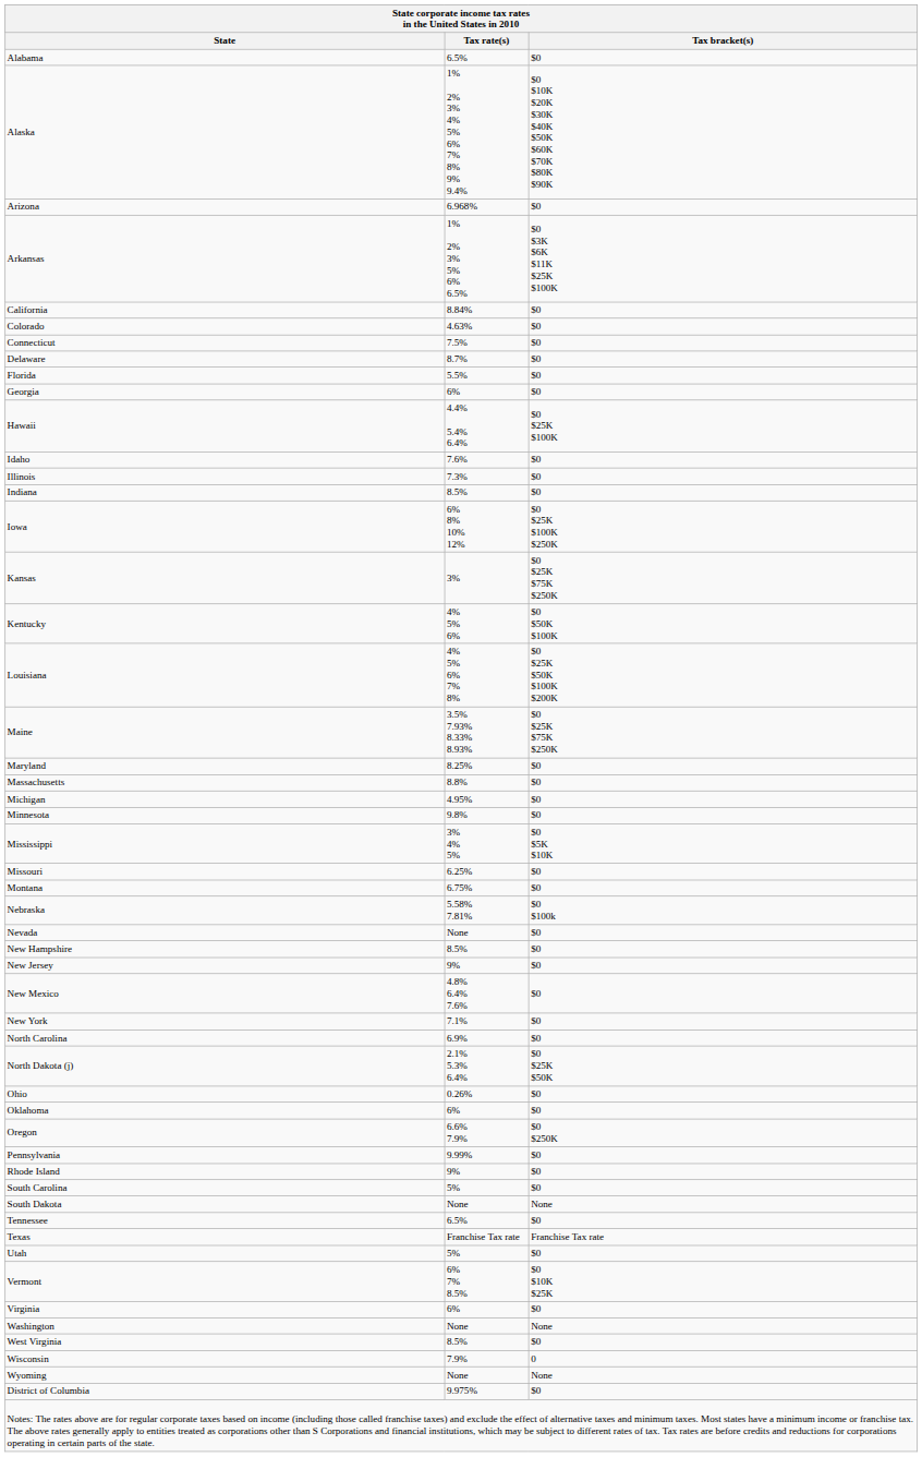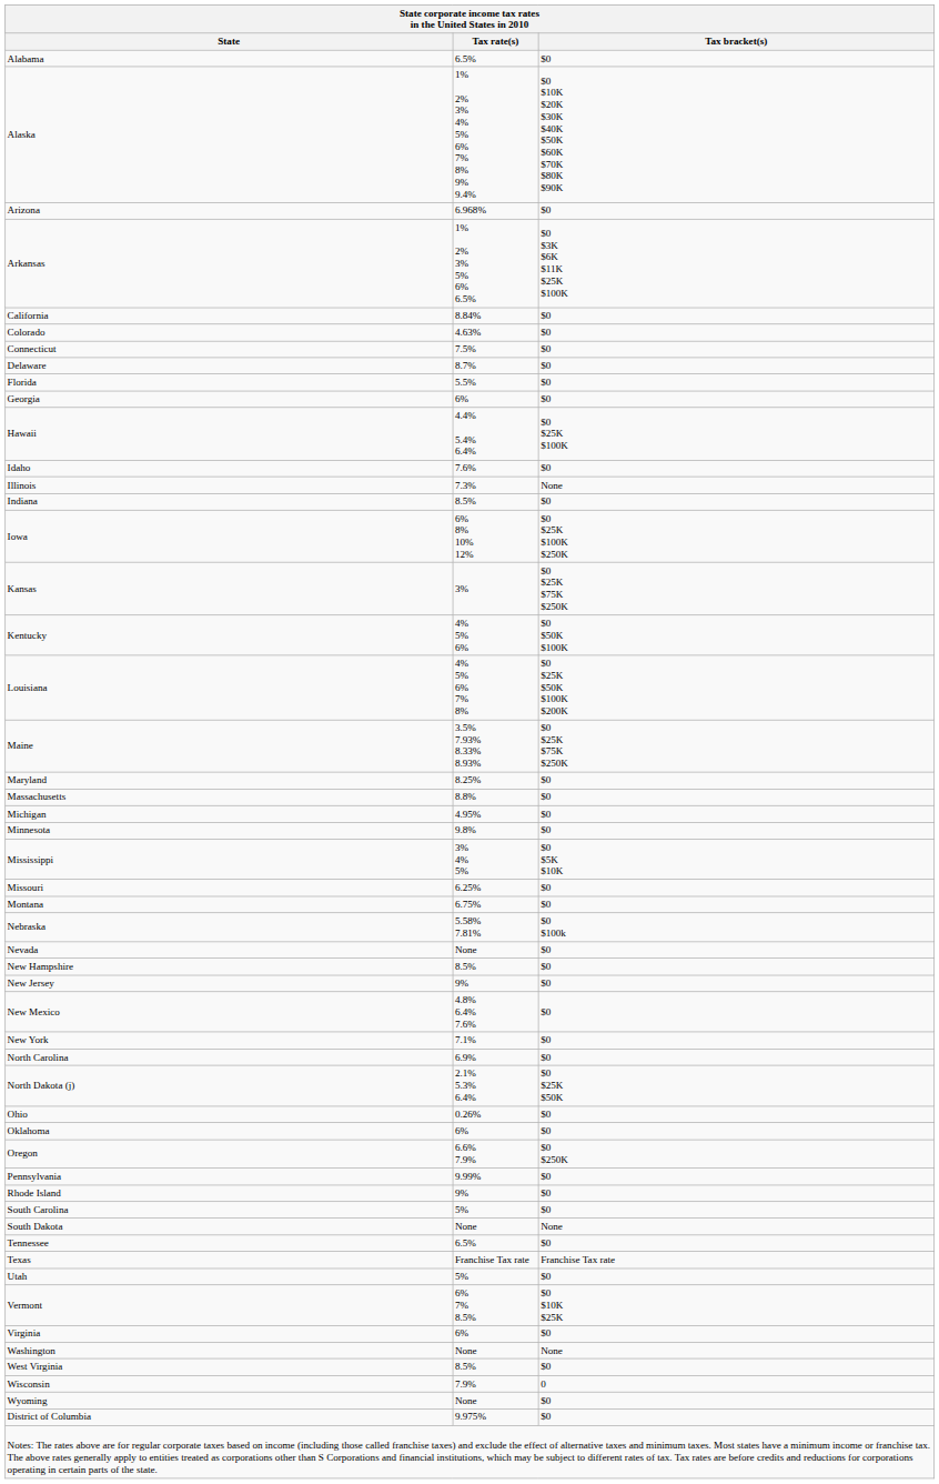 <table class="wikitable sortable collapsible collapsed" align="right" style="margin:0 0 1em 1em; font-size: 85%; width:auto">
 <tr style="background:#CCC;">
 <th colspan=3>State corporate income tax rates <br> in the United States in 2010</th>
 </tr>
 <tr>
 <th>State</th>
 <th style="width:8em">Tax rate(s)</th>
 <th>Tax bracket(s)</th>
 </tr>
 <tr>
 <td>Alabama</td>
 <td>6.5%</td>
 <td>$0</td>
 </tr>
 <tr>
 <td>Alaska</td>
 <td>1%<br><br>2%<br> 3%<br> 4%<br> 5%<br> 6%<br> 7%<br> 8%<br> 9%<br> 9.4%</td>
 <td>$0<br>$10K<br> $20K<br> $30K<br> $40K<br> $50K<br> $60K<br> $70K<br> $80K<br> $90K</td>
 </tr>
 <tr>
 <td>Arizona</td>
 <td>6.968%</td>
 <td>$0</td>
 </tr>
 <tr>
 <td>Arkansas</td>
 <td>1%<br><br>2%<br> 3%<br> 5%<br> 6%<br> 6.5%</td>
 <td>$0<br>$3K<br> $6K<br> $11K<br> $25K<br> $100K</td>
 </tr>
 <tr>
 <td>California</td>
 <td>8.84%</td>
 <td>$0</td>
 </tr>
 <tr>
 <td>Colorado</td>
 <td>4.63%</td>
 <td>$0</td>
 </tr>
 <tr>
 <td>Connecticut</td>
 <td>7.5%</td>
 <td>$0</td>
 </tr>
 <tr>
 <td>Delaware</td>
 <td>8.7%</td>
 <td>$0</td>
 </tr>
 <tr>
 <td>Florida</td>
 <td>5.5%</td>
 <td>$0</td>
 </tr>
 <tr>
 <td>Georgia</td>
 <td>6%</td>
 <td>$0</td>
 </tr>
 <tr>
 <td>Hawaii</td>
 <td>4.4%<br><br>5.4%<br> 6.4%</td>
 <td>$0<br>$25K<br> $100K</td>
 </tr>
 <tr>
 <td>Idaho</td>
 <td>7.6%</td>
 <td>$0</td>
 </tr>
 <tr>
 <td>Illinois</td>
 <td>7.3%</td>
-<td>$0</td>
+<td>None</td>
 </tr>
 <tr>
 <td>Indiana</td>
 <td>8.5%</td>
 <td>$0</td>
 </tr>
 <tr>
 <td>Iowa</td>
 <td>6%<br>8%<br>10%<br>12%</td>
 <td>$0<br>$25K<br> $100K<br> $250K</td>
 </tr>
 <tr>
 <td>Kansas</td>
 <td>3%</td>
 <td>$0<br>$25K<br> $75K<br> $250K</td>
 </tr>
 <tr>
 <td>Kentucky</td>
 <td>4%<br>5%<br>6%</td>
 <td>$0<br>$50K<br> $100K</td>
 </tr>
 <tr>
 <td>Louisiana</td>
 <td>4%<br>5%<br>6%<br>7%<br>8%</td>
 <td>$0<br>$25K<br> $50K<br> $100K<br> $200K</td>
 </tr>
 <tr>
 <td>Maine</td>
 <td>3.5%<br>7.93%<br>8.33%<br>8.93%</td>
 <td>$0<br>$25K<br> $75K<br> $250K</td>
 </tr>
 <tr>
 <td>Maryland</td>
 <td>8.25%</td>
 <td>$0</td>
 </tr>
 <tr>
 <td>Massachusetts</td>
 <td>8.8%</td>
 <td>$0</td>
 </tr>
 <tr>
 <td>Michigan</td>
 <td>4.95%</td>
 <td>$0</td>
 </tr>
 <tr>
 <td>Minnesota</td>
 <td>9.8%</td>
 <td>$0</td>
 </tr>
 <tr>
 <td>Mississippi</td>
 <td>3%<br>4%<br>5%</td>
 <td>$0<br>$5K<br> $10K</td>
 </tr>
 <tr>
 <td>Missouri</td>
 <td>6.25%</td>
 <td>$0</td>
 </tr>
 <tr>
 <td>Montana</td>
 <td>6.75%</td>
 <td>$0</td>
 </tr>
 <tr>
 <td>Nebraska</td>
 <td>5.58%<br>7.81%</td>
 <td>$0<br>$100k</td>
 </tr>
 <tr>
 <td>Nevada</td>
 <td>None</td>
 <td>$0</td>
 </tr>
 <tr>
 <td>New Hampshire</td>
 <td>8.5%</td>
 <td>$0</td>
 </tr>
 <tr>
 <td>New Jersey</td>
 <td>9%</td>
 <td>$0</td>
 </tr>
 <tr>
 <td>New Mexico</td>
 <td>4.8%<br>6.4%<br>7.6%</td>
 <td>$0</td>
 </tr>
 <tr>
 <td>New York</td>
 <td>7.1%</td>
 <td>$0</td>
 </tr>
 <tr>
 <td>North Carolina</td>
 <td>6.9%</td>
 <td>$0</td>
 </tr>
 <tr>
 <td>North Dakota (j)</td>
 <td>2.1%<br>5.3%<br>6.4%</td>
 <td>$0<br>$25K<br> $50K</td>
 </tr>
 <tr>
 <td>Ohio</td>
 <td>0.26%</td>
 <td>$0</td>
 </tr>
 <tr>
 <td>Oklahoma</td>
 <td>6%</td>
 <td>$0</td>
 </tr>
 <tr>
 <td>Oregon</td>
 <td>6.6%<br>7.9%</td>
 <td>$0<br>$250K</td>
 </tr>
 <tr>
 <td>Pennsylvania</td>
 <td>9.99%</td>
 <td>$0</td>
 </tr>
 <tr>
 <td>Rhode Island</td>
 <td>9%</td>
 <td>$0</td>
 </tr>
 <tr>
 <td>South Carolina</td>
 <td>5%</td>
 <td>$0</td>
 </tr>
 <tr>
 <td>South Dakota</td>
 <td>None</td>
 <td>None</td>
 </tr>
 <tr>
 <td>Tennessee</td>
 <td>6.5%</td>
 <td>$0</td>
 </tr>
 <tr>
 <td>Texas</td>
 <td>Franchise Tax rate</td>
 <td>Franchise Tax rate</td>
 </tr>
 <tr>
 <td>Utah</td>
 <td>5%</td>
 <td>$0</td>
 </tr>
 <tr>
 <td>Vermont</td>
 <td>6%<br>7%<br>8.5%</td>
 <td>$0<br>$10K<br> $25K</td>
 </tr>
 <tr>
 <td>Virginia</td>
 <td>6%</td>
 <td>$0</td>
 </tr>
 <tr>
 <td>Washington</td>
 <td>None</td>
 <td>None</td>
 </tr>
 <tr>
 <td>West Virginia</td>
 <td>8.5%</td>
 <td>$0</td>
 </tr>
 <tr>
 <td>Wisconsin</td>
 <td>7.9%</td>
 <td>0</td>
 </tr>
 <tr>
 <td>Wyoming</td>
 <td>None</td>
-<td>None</td>
+<td>$0</td>
 </tr>
 <tr>
 <td>District of Columbia</td>
 <td>9.975%</td>
 <td>$0</td>
 </tr>
 <tr>
 <td colspan="3"><br>Notes: The rates above are for regular corporate taxes based on income (including those called franchise taxes) and exclude the effect of alternative taxes and minimum taxes.  Most states have a minimum income or franchise tax.  The above rates generally apply to entities treated as corporations other than S Corporations and financial institutions, which may be subject to different rates of tax.  Tax rates are before credits and reductions for corporations operating in certain parts of the state.<br></td>
 </tr>
 </table>
